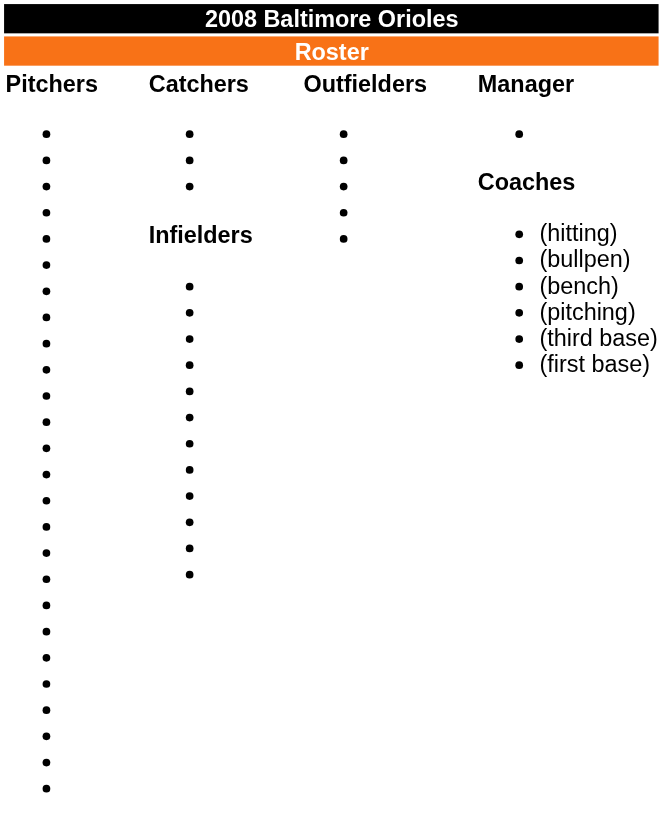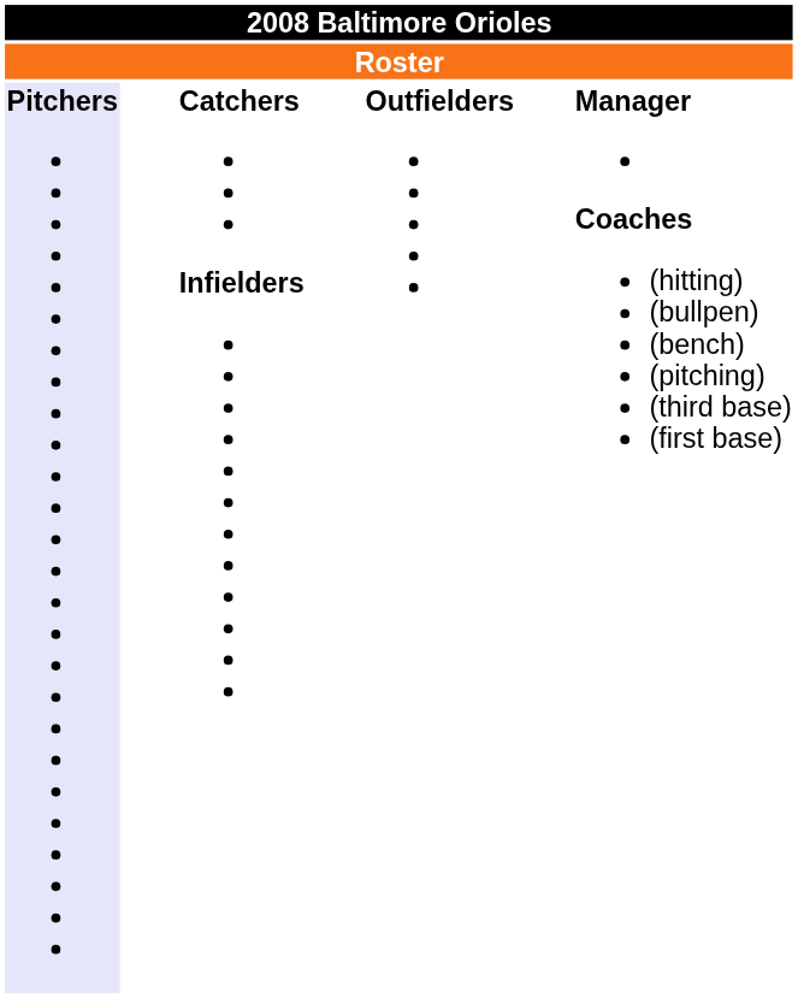 <table class="toccolours" style="font-size: 95%;">
 <tr>
 <th colspan="10" style="background-color: black; color: #FFFFFF; text-align: center;">2008 Baltimore Orioles</th>
 </tr>
 <tr>
 <td colspan="10" style="background-color: #F87217; color: white; text-align: center;"><strong>Roster</strong></td>
 </tr>
 <tr>
-<td valign="top"><strong>Pitchers</strong><br><ul><li></li><li></li><li></li><li></li><li></li><li></li><li></li><li></li><li></li><li></li><li></li><li></li><li></li><li></li><li></li><li></li><li></li><li></li><li></li><li></li><li></li><li></li><li></li><li></li><li></li><li></li></ul></td>
+<td valign="top" style="background: lavender;"><strong>Pitchers</strong><br><ul><li></li><li></li><li></li><li></li><li></li><li></li><li></li><li></li><li></li><li></li><li></li><li></li><li></li><li></li><li></li><li></li><li></li><li></li><li></li><li></li><li></li><li></li><li></li><li></li><li></li><li></li></ul></td>
 <td width="25px"></td>
 <td valign="top"><strong>Catchers</strong><br><ul><li></li><li></li><li></li></ul><strong>Infielders</strong><ul><li></li><li></li><li></li><li></li><li></li><li></li><li></li><li></li><li></li><li></li><li></li><li></li></ul></td>
 <td width="25px"></td>
 <td valign="top"><strong>Outfielders</strong><br><ul><li></li><li></li><li></li><li></li><li></li></ul></td>
 <td width="25px"></td>
 <td valign="top"><strong>Manager</strong><br><ul><li></li></ul><strong>Coaches</strong><ul><li> (hitting)</li><li> (bullpen)</li><li> (bench)</li><li> (pitching)</li><li> (third base)</li><li> (first base)</li></ul></td>
 </tr>
 </table>
